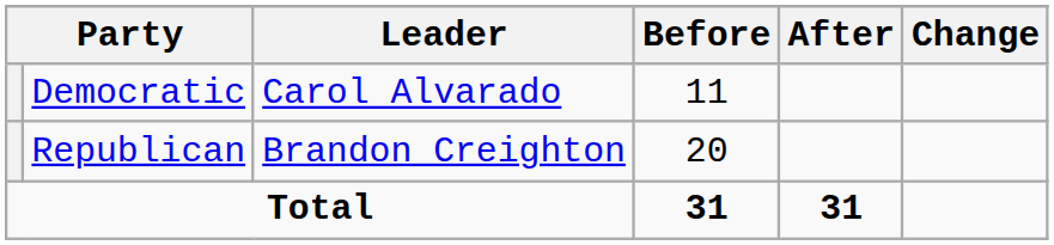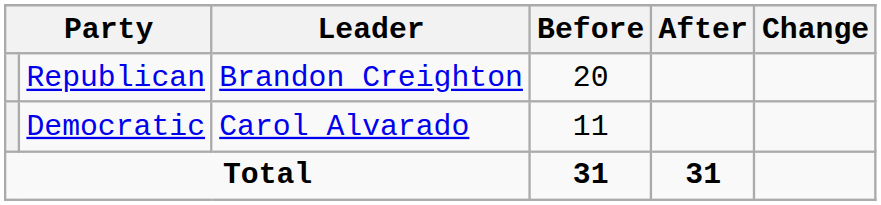 <table class="wikitable" style="text-align:center;">
 <tr>
 </tr>
 <tr>
 <th colspan="2">Party</th>
 <th>Leader</th>
 <th style="width:3em">Before</th>
 <th style="width:3em">After</th>
 <th style="width:3em">Change</th>
 </tr>
 <tr>
 <th style="background-color:"></th>
-<td style="text-align:left;"><a href='#'>Democratic</a></td>
-<td style="text-align:left;"><a href='#'>Carol Alvarado</a></td>
-<td>11</td>
+<td style="text-align:left;"><a href='#'>Republican</a></td>
+<td style="text-align:left;"><a href='#'>Brandon Creighton</a></td>
+<td>20</td>
 <td></td>
 <td></td>
 </tr>
 <tr>
 <th style="background-color:"></th>
-<td style="text-align:left;"><a href='#'>Republican</a></td>
-<td style="text-align:left;"><a href='#'>Brandon Creighton</a></td>
-<td>20</td>
+<td style="text-align:left;"><a href='#'>Democratic</a></td>
+<td style="text-align:left;"><a href='#'>Carol Alvarado</a></td>
+<td>11</td>
 <td></td>
 <td></td>
 </tr>
 <tr>
 <td colspan="3"><strong>Total</strong></td>
 <td><strong>31</strong></td>
 <td><strong>31</strong></td>
 <td></td>
 </tr>
 </table>
